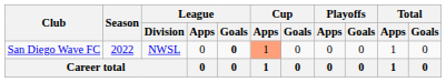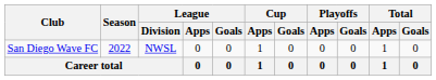 <table class="wikitable" style="text-align: center;">
 <tr>
 <th rowspan="2">Club</th>
 <th rowspan="2">Season</th>
 <th colspan="3">League</th>
 <th colspan="2">Cup</th>
 <th colspan="2">Playoffs</th>
 <th colspan="2">Total</th>
 </tr>
 <tr>
 <th>Division</th>
 <th>Apps</th>
 <th>Goals</th>
 <th>Apps</th>
 <th>Goals</th>
 <th>Apps</th>
 <th>Goals</th>
 <th>Apps</th>
 <th>Goals</th>
 </tr>
 <tr>
 <td><a href='#'>San Diego Wave FC</a></td>
 <td><a href='#'>2022</a></td>
 <td><a href='#'>NWSL</a></td>
 <td>0</td>
-<td><strong>0</strong></td>
-<td style="background: lightsalmon;">1</td>
+<td>0</td>
+<td>1</td>
 <td>0</td>
 <td>0</td>
 <td>0</td>
 <td>1</td>
 <td>0</td>
 </tr>
 <tr>
 <th colspan="3">Career total</th>
 <th>0</th>
 <th>0</th>
 <th>1</th>
 <th>0</th>
 <th>0</th>
 <th>0</th>
 <th>1</th>
 <th>0</th>
 </tr>
 </table>
